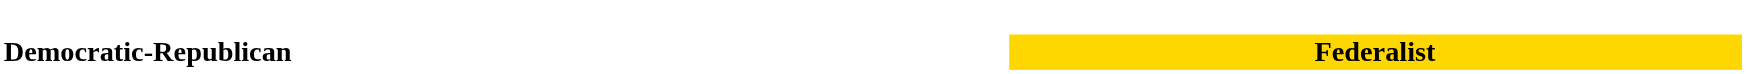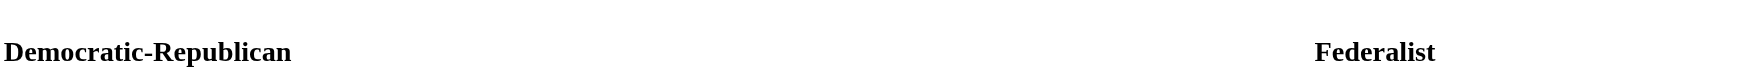 <table style="width:70%; text-align:center">
 <tr style="color:white">
 <td style="background:"><strong>49</strong></td>
 <td style="background:"><strong>57</strong></td>
 </tr>
 <tr>
 <td><span><strong>Democratic-Republican</strong></span></td>
-<td style="background: gold;"><span><strong>Federalist</strong></span></td>
+<td><span><strong>Federalist</strong></span></td>
 </tr>
 </table>
